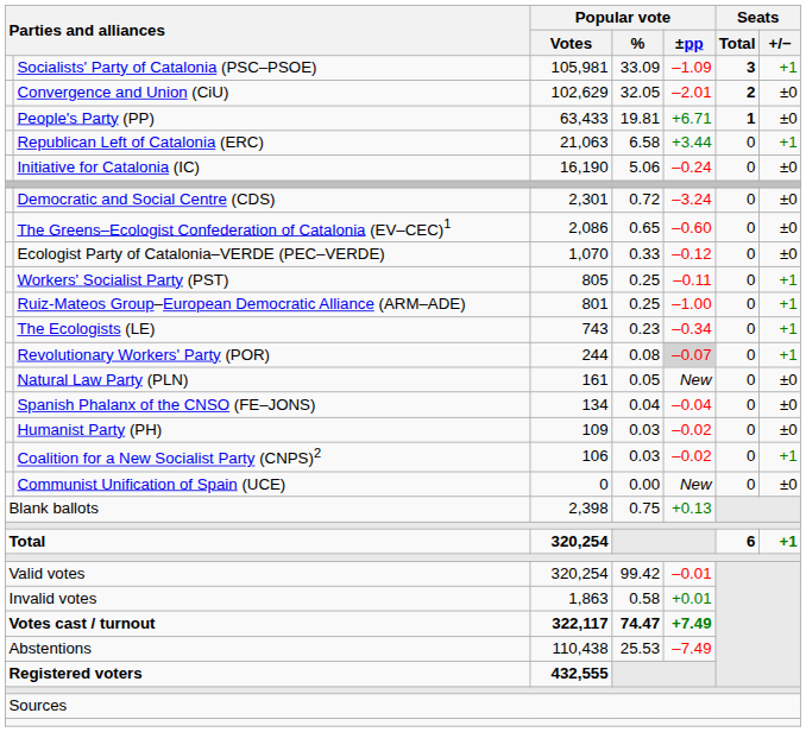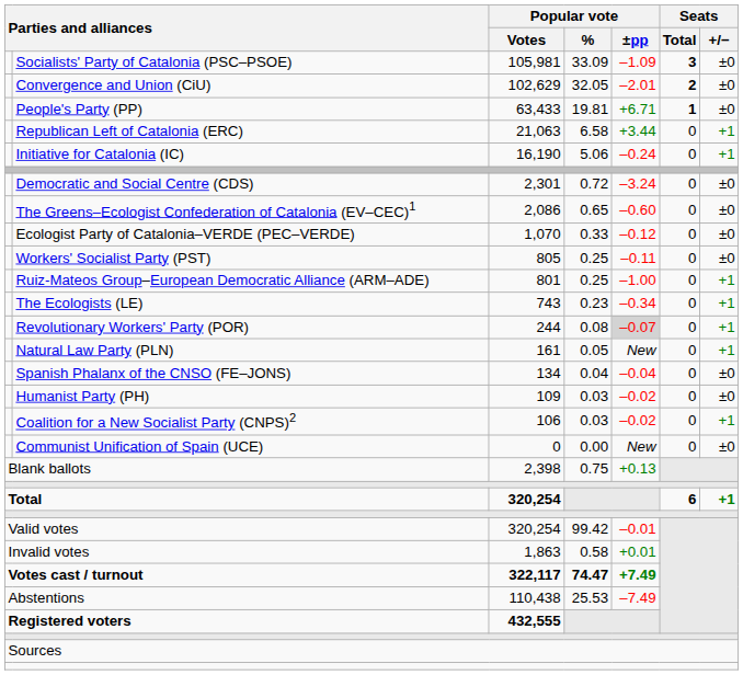 <table class="wikitable" style="text-align:right;">
 <tr>
 <th style="text-align:left;" rowspan="2" colspan="2" width="525">Parties and alliances</th>
 <th colspan="3">Popular vote</th>
 <th colspan="2">Seats</th>
 </tr>
 <tr>
 <th width="75">Votes</th>
 <th width="45">%</th>
 <th width="45">±<a href='#'>pp</a></th>
 <th width="35">Total</th>
 <th width="35">+/−</th>
 </tr>
 <tr>
 <td width="1" style="color:inherit;background:"></td>
 <td align="left"><a href='#'>Socialists' Party of Catalonia</a> (PSC–PSOE)</td>
 <td>105,981</td>
 <td>33.09</td>
 <td style="color:red;">–1.09</td>
 <td><strong>3</strong></td>
-<td style="color:green;">+1</td>
+<td>±0</td>
 </tr>
 <tr>
 <td style="color:inherit;background:"></td>
 <td align="left"><a href='#'>Convergence and Union</a> (CiU)</td>
 <td>102,629</td>
 <td>32.05</td>
 <td style="color:red;">–2.01</td>
 <td><strong>2</strong></td>
 <td>±0</td>
 </tr>
 <tr>
 <td style="color:inherit;background:"></td>
 <td align="left"><a href='#'>People's Party</a> (PP)</td>
 <td>63,433</td>
 <td>19.81</td>
 <td style="color:green;">+6.71</td>
 <td><strong>1</strong></td>
 <td>±0</td>
 </tr>
 <tr>
 <td style="color:inherit;background:"></td>
 <td align="left"><a href='#'>Republican Left of Catalonia</a> (ERC)</td>
 <td>21,063</td>
 <td>6.58</td>
 <td style="color:green;">+3.44</td>
 <td>0</td>
 <td style="color:green;">+1</td>
 </tr>
 <tr>
 <td style="color:inherit;background:"></td>
 <td align="left"><a href='#'>Initiative for Catalonia</a> (IC)</td>
 <td>16,190</td>
 <td>5.06</td>
 <td style="color:red;">–0.24</td>
 <td>0</td>
-<td>±0</td>
+<td style="color:green;">+1</td>
 </tr>
 <tr>
 <td colspan="7" bgcolor="#C0C0C0"></td>
 </tr>
 <tr>
 <td style="color:inherit;background:"></td>
 <td align="left"><a href='#'>Democratic and Social Centre</a> (CDS)</td>
 <td>2,301</td>
 <td>0.72</td>
 <td style="color:red;">–3.24</td>
 <td>0</td>
 <td>±0</td>
 </tr>
 <tr>
 <td style="color:inherit;background:"></td>
 <td align="left"><a href='#'>The Greens–Ecologist Confederation of Catalonia</a> (EV–CEC)<sup>1</sup></td>
 <td>2,086</td>
 <td>0.65</td>
 <td style="color:red;">–0.60</td>
 <td>0</td>
 <td>±0</td>
 </tr>
 <tr>
 <td style="color:inherit;background:"></td>
 <td align="left">Ecologist Party of Catalonia–VERDE (PEC–VERDE)</td>
 <td>1,070</td>
 <td>0.33</td>
 <td style="color:red;">–0.12</td>
 <td>0</td>
 <td>±0</td>
 </tr>
 <tr>
 <td style="color:inherit;background:"></td>
 <td align="left"><a href='#'>Workers' Socialist Party</a> (PST)</td>
 <td>805</td>
 <td>0.25</td>
 <td style="color:red;">–0.11</td>
 <td>0</td>
-<td style="color:green;">+1</td>
+<td>±0</td>
 </tr>
 <tr>
 <td style="color:inherit;background:"></td>
 <td align="left"><a href='#'>Ruiz-Mateos Group</a>–<a href='#'>European Democratic Alliance</a> (ARM–ADE)</td>
 <td>801</td>
 <td>0.25</td>
 <td style="color:red;">–1.00</td>
 <td>0</td>
 <td style="color:green;">+1</td>
 </tr>
 <tr>
 <td style="color:inherit;background:"></td>
 <td align="left"><a href='#'>The Ecologists</a> (LE)</td>
 <td>743</td>
 <td>0.23</td>
 <td style="color:red;">–0.34</td>
 <td>0</td>
 <td style="color:green;">+1</td>
 </tr>
 <tr>
 <td style="color:inherit;background:"></td>
 <td align="left"><a href='#'>Revolutionary Workers' Party</a> (POR)</td>
 <td>244</td>
 <td>0.08</td>
 <td style="background: lightgrey; color:red;">–0.07</td>
 <td>0</td>
 <td style="color:green;">+1</td>
 </tr>
 <tr>
 <td style="color:inherit;background:"></td>
 <td align="left"><a href='#'>Natural Law Party</a> (PLN)</td>
 <td>161</td>
 <td>0.05</td>
 <td><em>New</em></td>
 <td>0</td>
-<td>±0</td>
+<td style="color:green;">+1</td>
 </tr>
 <tr>
 <td style="color:inherit;background:"></td>
 <td align="left"><a href='#'>Spanish Phalanx of the CNSO</a> (FE–JONS)</td>
 <td>134</td>
 <td>0.04</td>
 <td style="color:red;">–0.04</td>
 <td>0</td>
 <td>±0</td>
 </tr>
 <tr>
 <td style="color:inherit;background:"></td>
 <td align="left"><a href='#'>Humanist Party</a> (PH)</td>
 <td>109</td>
 <td>0.03</td>
 <td style="color:red;">–0.02</td>
 <td>0</td>
 <td>±0</td>
 </tr>
 <tr>
 <td style="color:inherit;background:"></td>
 <td align="left"><a href='#'>Coalition for a New Socialist Party</a> (CNPS)<sup>2</sup></td>
 <td>106</td>
 <td>0.03</td>
 <td style="color:red;">–0.02</td>
 <td>0</td>
 <td style="color:green;">+1</td>
 </tr>
 <tr>
 <td style="color:inherit;background:"></td>
 <td align="left"><a href='#'>Communist Unification of Spain</a> (UCE)</td>
 <td>0</td>
 <td>0.00</td>
 <td><em>New</em></td>
 <td>0</td>
 <td>±0</td>
 </tr>
 <tr>
 <td align="left" colspan="2">Blank ballots</td>
 <td>2,398</td>
 <td>0.75</td>
 <td style="color:green;">+0.13</td>
 <td bgcolor="#E9E9E9" colspan="2"></td>
 </tr>
 <tr>
 <td colspan="7" bgcolor="#E9E9E9"></td>
 </tr>
 <tr style="font-weight:bold;">
 <td align="left" colspan="2">Total</td>
 <td>320,254</td>
 <td bgcolor="#E9E9E9" colspan="2"></td>
 <td>6</td>
 <td style="color:green;">+1</td>
 </tr>
 <tr>
 <td colspan="7" bgcolor="#E9E9E9"></td>
 </tr>
 <tr>
 <td align="left" colspan="2">Valid votes</td>
 <td>320,254</td>
 <td>99.42</td>
 <td style="color:red;">–0.01</td>
 <td bgcolor="#E9E9E9" colspan="2" rowspan="5"></td>
 </tr>
 <tr>
 <td align="left" colspan="2">Invalid votes</td>
 <td>1,863</td>
 <td>0.58</td>
 <td style="color:green;">+0.01</td>
 </tr>
 <tr style="font-weight:bold;">
 <td align="left" colspan="2">Votes cast / turnout</td>
 <td>322,117</td>
 <td>74.47</td>
 <td style="color:green;">+7.49</td>
 </tr>
 <tr>
 <td align="left" colspan="2">Abstentions</td>
 <td>110,438</td>
 <td>25.53</td>
 <td style="color:red;">–7.49</td>
 </tr>
 <tr style="font-weight:bold;">
 <td align="left" colspan="2">Registered voters</td>
 <td>432,555</td>
 <td bgcolor="#E9E9E9" colspan="2"></td>
 </tr>
 <tr>
 <td colspan="7" bgcolor="#E9E9E9"></td>
 </tr>
 <tr>
 <td align="left" colspan="7">Sources</td>
 </tr>
 <tr>
 <td colspan="7" style="text-align:left; max-width:790px;"></td>
 </tr>
 </table>
